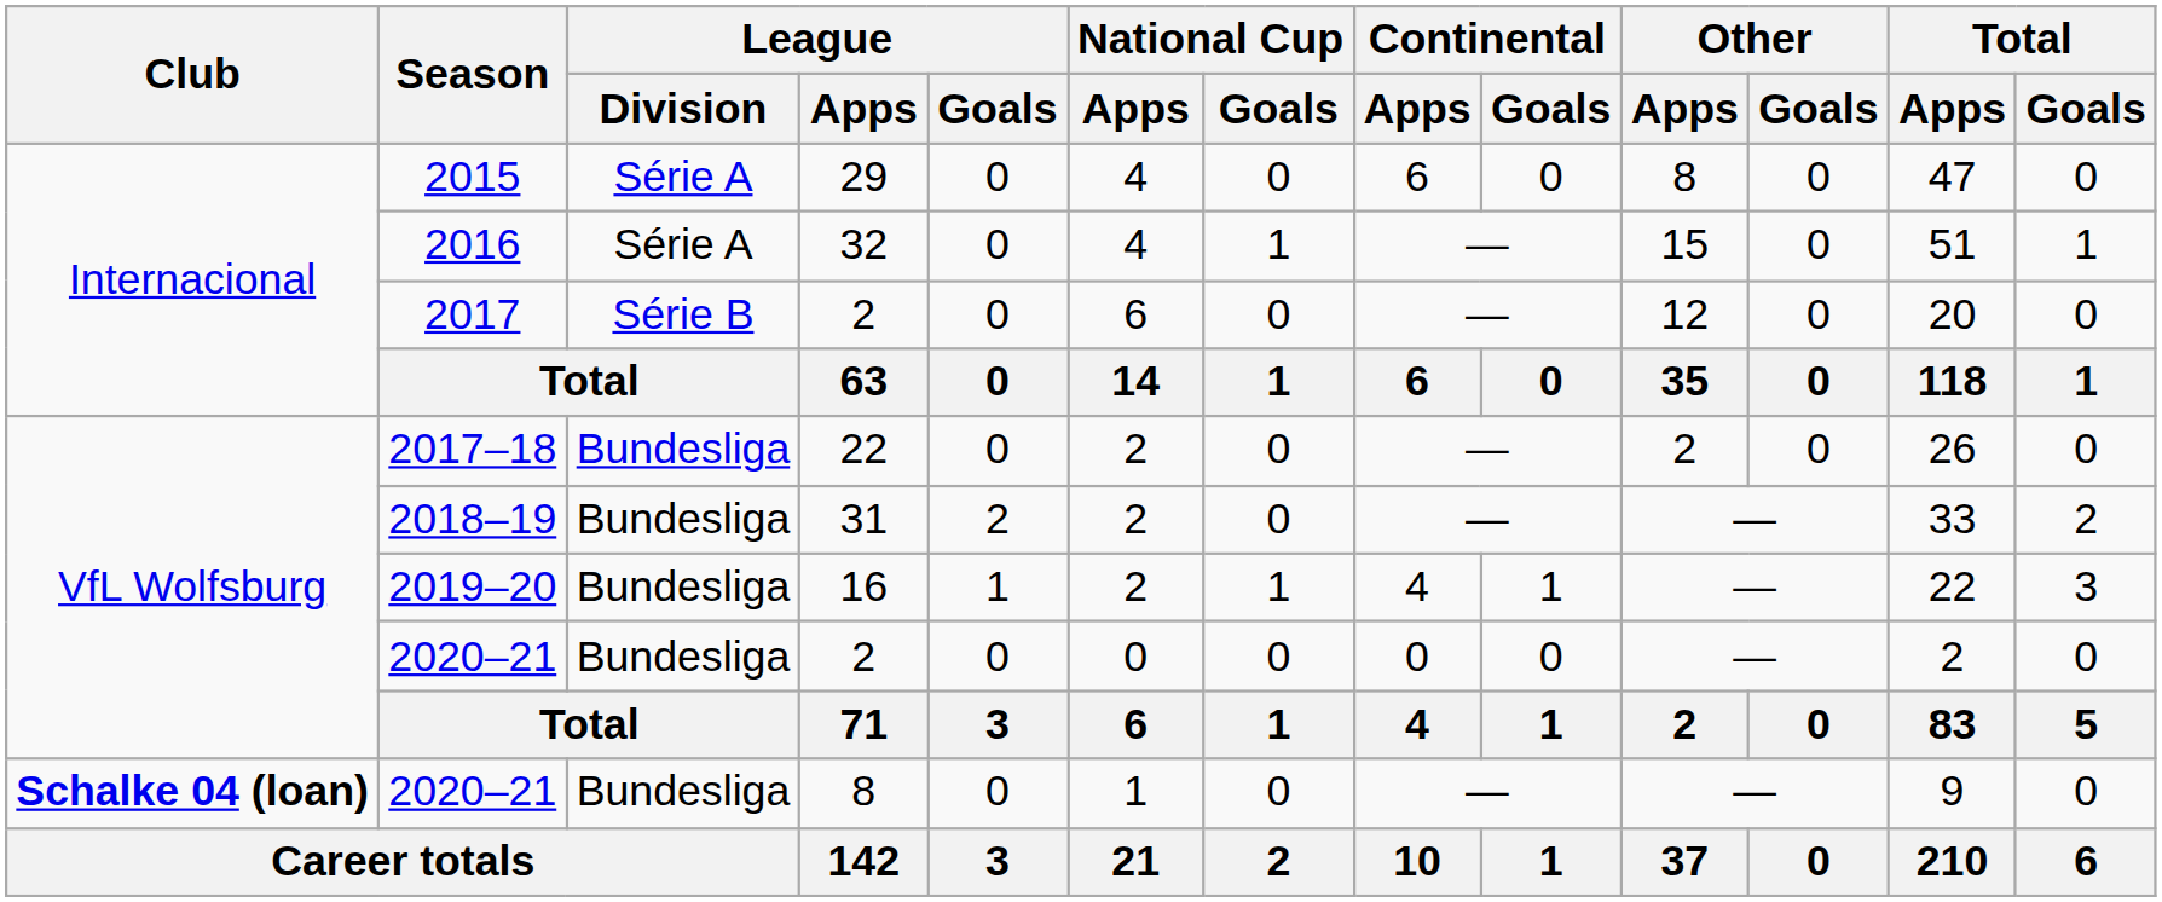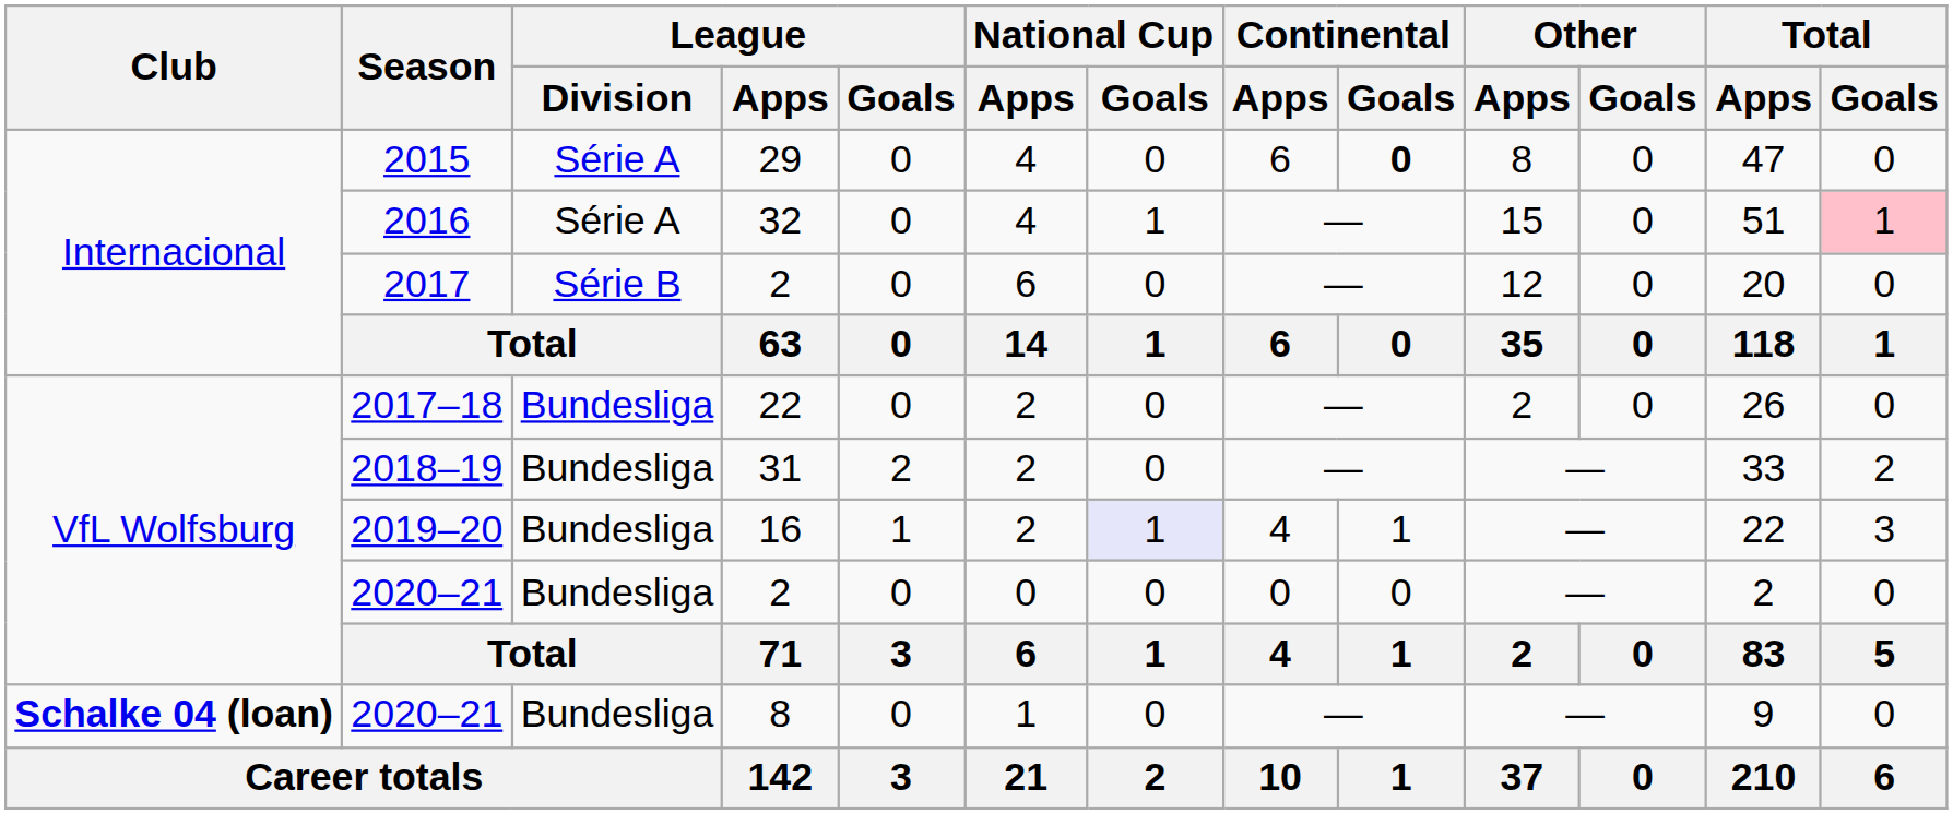 <table class="wikitable" style="text-align: center">
 <tr>
 <th rowspan="2">Club</th>
 <th rowspan="2">Season</th>
 <th colspan="3">League</th>
 <th colspan="2">National Cup</th>
 <th colspan="2">Continental</th>
 <th colspan="2">Other</th>
 <th colspan="2">Total</th>
 </tr>
 <tr>
 <th>Division</th>
 <th>Apps</th>
 <th>Goals</th>
 <th>Apps</th>
 <th>Goals</th>
 <th>Apps</th>
 <th>Goals</th>
 <th>Apps</th>
 <th>Goals</th>
 <th>Apps</th>
 <th>Goals</th>
 </tr>
 <tr>
 <td rowspan="4"><a href='#'>Internacional</a></td>
 <td><a href='#'>2015</a></td>
 <td><a href='#'>Série A</a></td>
 <td>29</td>
 <td>0</td>
 <td>4</td>
 <td>0</td>
 <td>6</td>
-<td>0</td>
+<td><strong>0</strong></td>
 <td>8</td>
 <td>0</td>
 <td>47</td>
 <td>0</td>
 </tr>
 <tr>
 <td><a href='#'>2016</a></td>
 <td>Série A</td>
 <td>32</td>
 <td>0</td>
 <td>4</td>
 <td>1</td>
 <td colspan="2">—</td>
 <td>15</td>
 <td>0</td>
 <td>51</td>
-<td>1</td>
+<td style="background: pink;">1</td>
 </tr>
 <tr>
 <td><a href='#'>2017</a></td>
 <td><a href='#'>Série B</a></td>
 <td>2</td>
 <td>0</td>
 <td>6</td>
 <td>0</td>
 <td colspan="2">—</td>
 <td>12</td>
 <td>0</td>
 <td>20</td>
 <td>0</td>
 </tr>
 <tr>
 <th colspan="2">Total</th>
 <th>63</th>
 <th>0</th>
 <th>14</th>
 <th>1</th>
 <th>6</th>
 <th>0</th>
 <th>35</th>
 <th>0</th>
 <th>118</th>
 <th>1</th>
 </tr>
 <tr>
 <td rowspan="5"><a href='#'>VfL Wolfsburg</a></td>
 <td><a href='#'>2017–18</a></td>
 <td><a href='#'>Bundesliga</a></td>
 <td>22</td>
 <td>0</td>
 <td>2</td>
 <td>0</td>
 <td colspan="2">—</td>
 <td>2</td>
 <td>0</td>
 <td>26</td>
 <td>0</td>
 </tr>
 <tr>
 <td><a href='#'>2018–19</a></td>
 <td>Bundesliga</td>
 <td>31</td>
 <td>2</td>
 <td>2</td>
 <td>0</td>
 <td colspan="2">—</td>
 <td colspan="2">—</td>
 <td>33</td>
 <td>2</td>
 </tr>
 <tr>
 <td><a href='#'>2019–20</a></td>
 <td>Bundesliga</td>
 <td>16</td>
 <td>1</td>
 <td>2</td>
-<td>1</td>
+<td style="background: lavender;">1</td>
 <td>4</td>
 <td>1</td>
 <td colspan="2">—</td>
 <td>22</td>
 <td>3</td>
 </tr>
 <tr>
 <td><a href='#'>2020–21</a></td>
 <td>Bundesliga</td>
 <td>2</td>
 <td>0</td>
 <td>0</td>
 <td>0</td>
 <td>0</td>
 <td>0</td>
 <td colspan="2">—</td>
 <td>2</td>
 <td>0</td>
 </tr>
 <tr>
 <th colspan="2">Total</th>
 <th>71</th>
 <th>3</th>
 <th>6</th>
 <th>1</th>
 <th>4</th>
 <th>1</th>
 <th>2</th>
 <th>0</th>
 <th>83</th>
 <th>5</th>
 </tr>
 <tr>
 <td><strong><a href='#'>Schalke 04</a> (loan)</strong></td>
 <td><a href='#'>2020–21</a></td>
 <td>Bundesliga</td>
 <td>8</td>
 <td>0</td>
 <td>1</td>
 <td>0</td>
 <td colspan=2>—</td>
 <td colspan=2>—</td>
 <td>9</td>
 <td>0</td>
 </tr>
 <tr>
 <th colspan="3">Career totals</th>
 <th>142</th>
 <th>3</th>
 <th>21</th>
 <th>2</th>
 <th>10</th>
 <th>1</th>
 <th>37</th>
 <th>0</th>
 <th>210</th>
 <th>6</th>
 </tr>
 </table>
